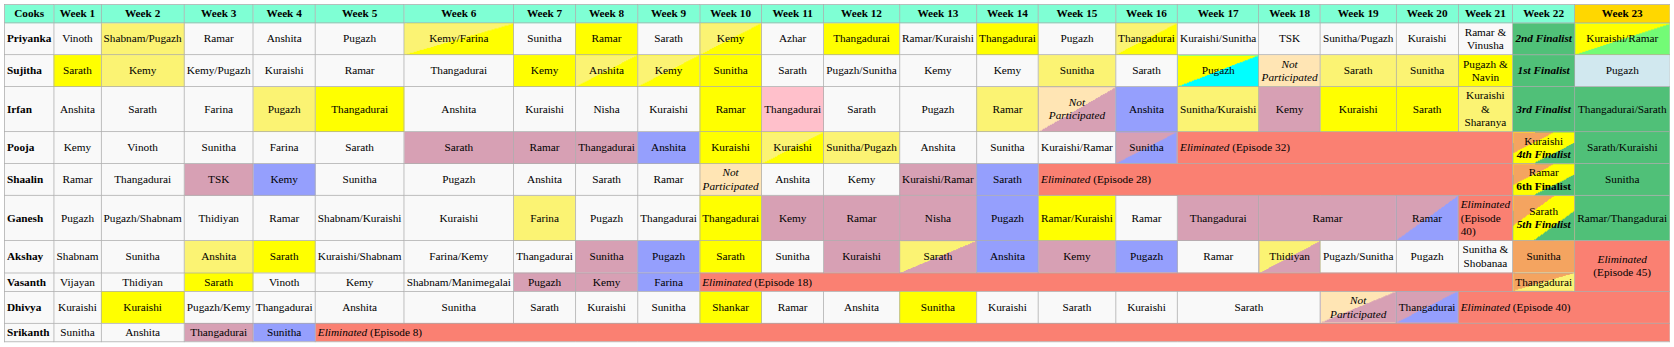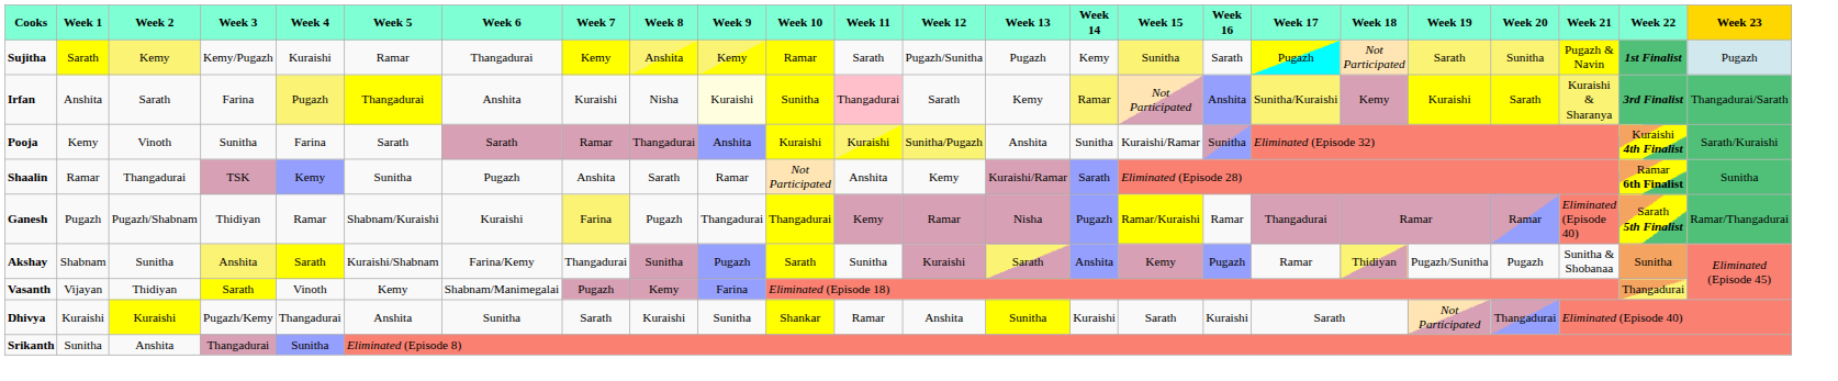 <table class="wikitable plainrowheaders" width="94%" style="font-size: 95%;">
 <tr>
 <th scope="col" style ="background: #7FFFD4;" style="background: #7FFFD4; color: black;"><strong>Cooks</strong></th>
 <th scope="col" style ="background: #7FFFD4;" style="background: #7FFFD4; color: black;"><strong>Week 1</strong></th>
 <th scope="col" style ="background: #7FFFD4;" style="background: #7FFFD4; color: black;"><strong>Week 2</strong></th>
 <th scope="col" style ="background: #7FFFD4;" style="background: #7FFFD4; color: black;"><strong>Week 3</strong></th>
 <th scope="col" style ="background: #7FFFD4;" style="background: #7FFFD4; color: black;"><strong>Week 4</strong></th>
 <th scope="col" style ="background: #7FFFD4;" style="background: #7FFFD4; color: black;"><strong>Week 5</strong></th>
 <th scope="col" style ="background: #7FFFD4;" style="background: #7FFFD4; color: black;"><strong>Week 6</strong></th>
 <th scope="col" style ="background: #7FFFD4;" style="background: #7FFFD4; color: black;"><strong>Week 7</strong></th>
 <th scope="col" style ="background: #7FFFD4;" style="background: #7FFFD4; color: black;"><strong>Week 8</strong></th>
 <th scope="col" style ="background: #7FFFD4;" style="background: #7FFFD4; color: black;"><strong>Week 9</strong></th>
 <th scope="col" style ="background: #7FFFD4;" style="background: #7FFFD4; color: black;"><strong>Week 10</strong></th>
 <th scope="col" style ="background: #7FFFD4;" style="background: #7FFFD4; color: black;"><strong>Week 11</strong></th>
 <th scope="col" style ="background: #7FFFD4;" style="background: #7FFFD4; color: black;"><strong>Week 12</strong></th>
 <th scope="col" style ="background: #7FFFD4;" style="background: #7FFFD4; color: black;"><strong>Week 13</strong></th>
 <th scope="col" style ="background: #7FFFD4;" style="background: #7FFFD4; color: black;"><strong>Week 14</strong></th>
 <th scope="col" style ="background: #7FFFD4;" style="background: #7FFFD4; color: black;"><strong>Week 15</strong></th>
 <th scope="col" style ="background: #7FFFD4;" style="background: #7FFFD4; color: black;"><strong>Week 16</strong></th>
 <th scope="col" style ="background: #7FFFD4;" style="background: #7FFFD4; color: black;"><strong>Week 17</strong></th>
 <th scope="col" style ="background: #7FFFD4;" style="background: #7FFFD4; color: black;"><strong>Week 18</strong></th>
 <th scope="col" style ="background: #7FFFD4;" style="background: #7FFFD4; color: black;"><strong>Week 19</strong></th>
 <th scope="col" style ="background: #7FFFD4;" style="background: #7FFFD4; color: black;"><strong>Week 20</strong></th>
 <th scope="col" style ="background: #7FFFD4;" style="background: #7FFFD4; color: black;"><strong>Week 21</strong></th>
 <th scope="col" style ="background: #7FFFD4;" style="background: #7FFFD4; color: black;"><strong>Week 22</strong></th>
 <th scope="col" style ="background: gold;"    style="background: gold;    color: black;"><strong>Week 23<br></strong></th>
 </tr>
 <tr>
-<td><strong>Priyanka</strong></td>
-<td style="text-align: center;">Vinoth</td>
-<td style="text-align: center; background: #FBF373;">Shabnam/Pugazh</td>
-<td style="text-align: center;">Ramar</td>
-<td style="text-align: center;">Anshita</td>
-<td style="text-align: center;">Pugazh</td>
-<td style="text-align: center; background-image: linear-gradient(to right bottom, #FBF373 50%, yellow 50%);">Kemy/Farina</td>
-<td style="text-align: center;">Sunitha</td>
-<td style="text-align: center; background: yellow;">Ramar</td>
-<td style="text-align: center;">Sarath</td>
-<td style="text-align: center; background-image: linear-gradient(to right bottom, #FBF373 50%, yellow 50%);">Kemy</td>
-<td style="text-align: center;">Azhar</td>
-<td style="text-align: center; background: yellow;">Thangadurai</td>
-<td style="text-align: center;">Ramar/Kuraishi</td>
-<td style="text-align: center; background: yellow;">Thangadurai</td>
-<td style="text-align: center;">Pugazh</td>
-<td style="text-align: center; background-image: linear-gradient(to right bottom, #FBF373 50%, yellow 50%);">Thangadurai</td>
-<td style="text-align: center;">Kuraishi/Sunitha</td>
-<td style="text-align: center;">TSK</td>
-<td style="text-align: center;">Sunitha/Pugazh</td>
-<td style="text-align: center;">Kuraishi</td>
-<td style="text-align: center;">Ramar & Vinusha</td>
-<td style="text-align: center; background: #50C078;"><strong><em>2nd Finalist</em></strong></td>
-<td style="text-align: center; background-image: linear-gradient(to right bottom, yellow 50%, #73FB76 50%);">Kuraishi/Ramar</td>
-</tr>
-<tr>
 <td><strong>Sujitha</strong></td>
 <td style="text-align: center; background: yellow;">Sarath</td>
 <td style="text-align: center; background: #FBF373">Kemy</td>
 <td style="text-align: center;">Kemy/Pugazh</td>
 <td style="text-align: center;">Kuraishi</td>
 <td style="text-align: center;">Ramar</td>
 <td style="text-align: center;">Thangadurai</td>
 <td style="text-align: center; background: yellow;">Kemy</td>
 <td style="text-align: center; background-image: linear-gradient(to right bottom, #FBF373 50%, yellow 50%);">Anshita</td>
 <td style="text-align: center; background-image: linear-gradient(to right bottom, #FBF373 50%, yellow 50%);">Kemy</td>
-<td style="text-align: center; background: yellow;">Sunitha</td>
+<td style="text-align: center; background: yellow;">Ramar</td>
 <td style="text-align: center;">Sarath</td>
 <td style="text-align: center;">Pugazh/Sunitha</td>
-<td style="text-align: center;">Kemy</td>
+<td style="text-align: center;">Pugazh</td>
 <td style="text-align: center;">Kemy</td>
 <td style="text-align: center; background: #FBF373;">Sunitha</td>
 <td style="text-align: center;">Sarath</td>
 <td style="text-align: center; background-image: linear-gradient(to right bottom, yellow 50%, cyan 50%);">Pugazh</td>
 <td style="text-align: center; background: #FFE5B4;"><em>Not Participated</em></td>
 <td style="text-align: center; background: #FBF373;">Sarath</td>
 <td style="text-align: center; background: #FBF373;">Sunitha</td>
 <td style="text-align: center; background: yellow;">Pugazh & Navin</td>
 <td style="text-align: center; background: #50C078;"><strong><em>1st Finalist</em></strong></td>
 <td style="text-align: center; background: #D1E8EF;">Pugazh</td>
 </tr>
 <tr>
 <td><strong>Irfan</strong></td>
 <td style="text-align: center;">Anshita</td>
 <td style="text-align: center;">Sarath</td>
 <td style="text-align: center;">Farina</td>
 <td style="text-align: center; background: #FBF373;">Pugazh</td>
 <td style="text-align: center; background: yellow;">Thangadurai</td>
 <td style="text-align: center;">Anshita</td>
 <td style="text-align: center;">Kuraishi</td>
 <td style="text-align: center;">Nisha</td>
-<td style="text-align: center;">Kuraishi</td>
-<td style="text-align: center; background: yellow;">Ramar</td>
+<td style="background: lightyellow; text-align: center;">Kuraishi</td>
+<td style="text-align: center; background: yellow;">Sunitha</td>
 <td style="background: pink; text-align: center;">Thangadurai</td>
 <td style="text-align: center;">Sarath</td>
-<td style="text-align: center;">Pugazh</td>
+<td style="text-align: center;">Kemy</td>
 <td style="text-align: center; background: #FBF373;">Ramar</td>
 <td style="text-align: center; background-image: linear-gradient(to right bottom, #FFE5B4 50%, #D7A0B4 50%);"><em>Not Participated</em></td>
 <td style="text-align: center; background: #959FFD;">Anshita</td>
 <td style="text-align: center; background: #FBF373;">Sunitha/Kuraishi</td>
 <td style="text-align: center; background: #D7A0B4;">Kemy</td>
 <td style="text-align: center; background: yellow;">Kuraishi</td>
 <td style="text-align: center; background: yellow;">Sarath</td>
 <td style="text-align: center; background: #FBF373;">Kuraishi & Sharanya</td>
 <td style="text-align: center; background: #50C078;"><strong><em>3rd Finalist</em></strong></td>
 <td style="text-align: center; background: #50C078;">Thangadurai/Sarath</td>
 </tr>
 <tr>
 <td><strong>Pooja</strong></td>
 <td style="text-align: center;">Kemy</td>
 <td style="text-align: center;">Vinoth</td>
 <td style="text-align: center;">Sunitha</td>
 <td style="text-align: center;">Farina</td>
 <td style="text-align: center;">Sarath</td>
 <td style="text-align: center;background:#D7A0B4;">Sarath</td>
 <td style="text-align: center;background:#D7A0B4;">Ramar</td>
 <td style="text-align: center;background:#D7A0B4;">Thangadurai</td>
 <td style="text-align: center; background: #959FFD;">Anshita</td>
 <td style="text-align: center; background: yellow;">Kuraishi</td>
 <td style="text-align: center; background-image: linear-gradient(to right bottom, #FBF373 50%, yellow 50%);">Kuraishi</td>
 <td style="text-align: center; background: #FBF373;">Sunitha/Pugazh</td>
 <td style="text-align: center;">Anshita</td>
 <td style="text-align: center;">Sunitha</td>
 <td style="text-align: center;">Kuraishi/Ramar</td>
 <td style="text-align: center; background-image: linear-gradient(to right bottom, #D7A0B4 50%, #959FFD 50%);">Sunitha</td>
 <td colspan="5" style="background: #FA8072;"><em>Eliminated</em> (Episode 32)</td>
 <td style="text-align: center; background-image: linear-gradient(to right bottom, sandybrown 0% 33.3%, yellow 33.3% 66.6%, #50C078 66.6% 100%);">Kuraishi<br><strong><em>4th Finalist</em></strong></td>
 <td style="text-align: center; background: #50C078;">Sarath/Kuraishi</td>
 </tr>
 <tr>
 <td><strong>Shaalin</strong></td>
 <td style="text-align: center;">Ramar</td>
 <td style="text-align: center;">Thangadurai</td>
 <td style="text-align: center; background:#D7A0B4;">TSK</td>
 <td style="text-align: center; background: #959FFD;">Kemy</td>
 <td style="text-align: center;">Sunitha</td>
 <td style="text-align: center;">Pugazh</td>
 <td style="text-align: center;">Anshita</td>
 <td style="text-align: center;">Sarath</td>
 <td style="text-align: center;">Ramar</td>
 <td style="text-align: center; background: #FFE5B4;"><em>Not Participated</em></td>
 <td style="text-align: center;">Anshita</td>
 <td style="text-align: center;">Kemy</td>
 <td style="text-align: center;background:#D7A0B4;">Kuraishi/Ramar</td>
 <td style="text-align: center; background: #959FFD;">Sarath</td>
 <td colspan="7" style="background: #FA8072;"><em>Eliminated</em> (Episode 28)</td>
 <td style="text-align: center; background-image: linear-gradient(to right bottom, sandybrown 0% 33.3%, yellow 33.3% 66.6%, #50C078 66.6% 100%);">Ramar<br><strong>6th Finalist</strong></td>
 <td style="text-align: center; background: #50C078;">Sunitha</td>
 </tr>
 <tr>
 <td><strong>Ganesh</strong></td>
 <td style="text-align: center;">Pugazh</td>
 <td style="text-align: center;">Pugazh/Shabnam</td>
 <td style="text-align: center;">Thidiyan</td>
 <td style="text-align: center;">Ramar</td>
 <td style="text-align: center;">Shabnam/Kuraishi</td>
 <td style="text-align: center;">Kuraishi</td>
 <td style="text-align: center; background: #FBF373;">Farina</td>
 <td style="text-align: center;">Pugazh</td>
 <td style="text-align: center;">Thangadurai</td>
 <td style="text-align: center; background: yellow;">Thangadurai</td>
 <td style="text-align: center; background: #D7A0B4;">Kemy</td>
 <td style="text-align: center; background: #D7A0B4;">Ramar</td>
 <td style="text-align: center; background: #D7A0B4;">Nisha</td>
 <td style="text-align: center; background: #959FFD;">Pugazh</td>
 <td style="text-align: center; background: yellow;">Ramar/Kuraishi</td>
 <td style="text-align: center;">Ramar</td>
 <td style="text-align: center; background: #D7A0B4;">Thangadurai</td>
 <td colspan="2" style="text-align: center; background: #D7A0B4;">Ramar</td>
 <td style="text-align: center; background-image: linear-gradient(to right bottom, #D7A0B4 50%, #959FFD 50%);">Ramar</td>
 <td style="background: #FA8072;"><em>Eliminated</em> (Episode 40)</td>
 <td style="text-align: center; background-image: linear-gradient(to right bottom, sandybrown 0% 33.3%, yellow 33.3% 66.6%, #50C078 66.6% 100%);">Sarath<br><strong><em>5th Finalist</em></strong></td>
 <td style="text-align: center; background: #50C078;">Ramar/Thangadurai</td>
 </tr>
 <tr>
 <td><strong>Akshay</strong></td>
 <td style="text-align: center;">Shabnam</td>
 <td style="text-align: center;">Sunitha</td>
 <td style="text-align: center; background: #FBF373;">Anshita</td>
 <td style="text-align: center; background: yellow;">Sarath</td>
 <td style="text-align: center;">Kuraishi/Shabnam</td>
 <td style="text-align: center;">Farina/Kemy</td>
 <td style="text-align: center;">Thangadurai</td>
 <td style="text-align: center;background: #D7A0B4;">Sunitha</td>
 <td style="text-align: center; background: #959FFD;">Pugazh</td>
 <td style="text-align: center; background: yellow;">Sarath</td>
 <td style="text-align: center;">Sunitha</td>
 <td style="text-align: center; background: #D7A0B4;">Kuraishi</td>
 <td style="text-align: center; background-image: linear-gradient(to right bottom, #FBF373 50%, #D7A0B4 50%);">Sarath</td>
 <td style="text-align: center; background: #959FFD;">Anshita</td>
 <td style="text-align: center; background: #D7A0B4;">Kemy</td>
 <td style="text-align: center; background: #959FFD;">Pugazh</td>
 <td style="text-align: center;">Ramar</td>
 <td style="text-align: center; background-image: linear-gradient(to right bottom, #FBF373 50%, #D7A0B4 50%);">Thidiyan</td>
 <td style="text-align: center;">Pugazh/Sunitha</td>
 <td style="text-align: center;">Pugazh</td>
 <td style="text-align: center;">Sunitha & Shobanaa</td>
 <td style="text-align: center; background: sandybrown;">Sunitha</td>
 <td rowspan="2" style="text-align: center; background: #FA8072;"><em>Eliminated</em> (Episode 45)</td>
 </tr>
 <tr>
 <td><strong>Vasanth</strong></td>
 <td style="text-align: center;">Vijayan</td>
 <td style="text-align: center;">Thidiyan</td>
 <td style="text-align: center; background: yellow;">Sarath</td>
 <td style="text-align: center;">Vinoth</td>
 <td style="text-align: center;">Kemy</td>
 <td style="text-align: center;">Shabnam/Manimegalai</td>
 <td style="text-align: center;background:#D7A0B4;">Pugazh</td>
 <td style="text-align: center;background:#D7A0B4;">Kemy</td>
 <td style="text-align: center; background: #959FFD;">Farina</td>
 <td colspan="12" style="background: #FA8072"><em>Eliminated</em> (Episode 18)</td>
 <td style="text-align: center; background-image: linear-gradient(to right bottom, sandybrown 50%, #FBF373 50%);">Thangadurai</td>
 </tr>
 <tr>
 <td><strong>Dhivya</strong></td>
 <td style="text-align: center;">Kuraishi</td>
 <td style="text-align: center; background: yellow;">Kuraishi</td>
 <td style="text-align: center;">Pugazh/Kemy</td>
 <td style="text-align: center;">Thangadurai</td>
 <td style="text-align: center;">Anshita</td>
 <td style="text-align: center;">Sunitha</td>
 <td style="text-align: center;">Sarath</td>
 <td style="text-align: center;">Kuraishi</td>
 <td style="text-align: center;">Sunitha</td>
 <td style="text-align: center; background: yellow;">Shankar</td>
 <td style="text-align: center;">Ramar</td>
 <td style="text-align: center;">Anshita</td>
 <td style="text-align: center; background: yellow;">Sunitha</td>
 <td style="text-align: center;">Kuraishi</td>
 <td style="text-align: center;">Sarath</td>
 <td style="text-align: center;">Kuraishi</td>
 <td colspan="2" style="text-align: center;">Sarath</td>
 <td style="text-align: center; background-image: linear-gradient(to right bottom, #FFE5B4 50%, #D7A0B4 50%);"><em>Not Participated</em></td>
 <td style="text-align: center; background-image: linear-gradient(to right bottom, #D7A0B4 50%, #959FFD 50%);">Thangadurai</td>
 <td colspan="3" style="background: #FA8072;"><em>Eliminated</em> (Episode 40)</td>
 </tr>
 <tr>
 <td><strong>Srikanth</strong></td>
 <td style="text-align: center;">Sunitha</td>
 <td style="text-align: center;">Anshita</td>
 <td style="text-align: center; background:#D7A0B4;">Thangadurai</td>
 <td style="text-align: center; background: #959FFD;">Sunitha</td>
 <td colspan="19" style="background: #FA8072;"><em>Eliminated</em> (Episode 8)</td>
 </tr>
 </table>
